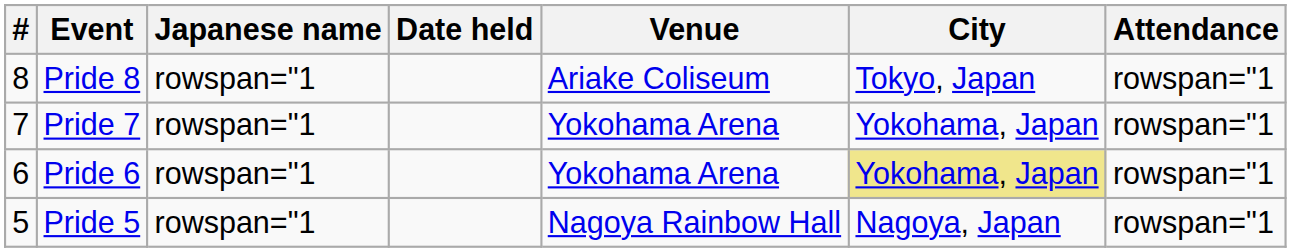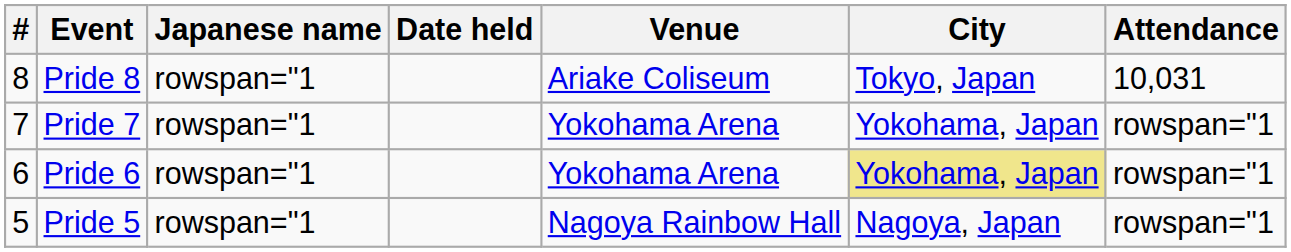 <table class="sortable wikitable succession-box" style="font-size:90%;">
 <tr>
 <th>#</th>
 <th>Event</th>
 <th>Japanese name</th>
 <th>Date held</th>
 <th>Venue</th>
 <th>City</th>
 <th>Attendance</th>
 </tr>
 <tr>
 <td style="text-align:center">8</td>
 <td><a href='#'>Pride 8</a></td>
 <td>rowspan="1 </td>
 <td></td>
 <td><a href='#'>Ariake Coliseum</a></td>
 <td><a href='#'>Tokyo</a>, <a href='#'>Japan</a></td>
-<td>rowspan="1 </td>
+<td>10,031</td>
 </tr>
 <tr>
 <td style="text-align:center">7</td>
 <td><a href='#'>Pride 7</a></td>
 <td>rowspan="1 </td>
 <td></td>
 <td><a href='#'>Yokohama Arena</a></td>
 <td><a href='#'>Yokohama</a>, <a href='#'>Japan</a></td>
 <td>rowspan="1 </td>
 </tr>
 <tr>
 <td style="text-align:center">6</td>
 <td><a href='#'>Pride 6</a></td>
 <td>rowspan="1 </td>
 <td></td>
 <td><a href='#'>Yokohama Arena</a></td>
 <td style="background: khaki;"><a href='#'>Yokohama</a>, <a href='#'>Japan</a></td>
 <td>rowspan="1 </td>
 </tr>
 <tr>
 <td style="text-align:center">5</td>
 <td><a href='#'>Pride 5</a></td>
 <td>rowspan="1 </td>
 <td></td>
 <td><a href='#'>Nagoya Rainbow Hall</a></td>
 <td><a href='#'>Nagoya</a>, <a href='#'>Japan</a></td>
 <td>rowspan="1 </td>
 </tr>
 </table>
